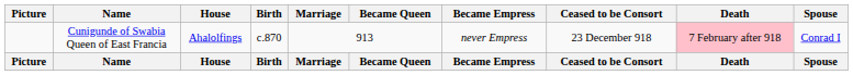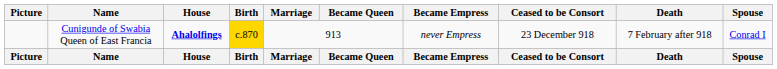 <table width=95% class="wikitable">
 <tr>
 <th>Picture</th>
 <th>Name</th>
 <th>House</th>
 <th>Birth</th>
 <th>Marriage</th>
 <th>Became Queen</th>
 <th>Became Empress</th>
 <th>Ceased to be Consort</th>
 <th>Death</th>
 <th>Spouse</th>
 </tr>
 <tr>
 <td align=center></td>
 <td align=center><a href='#'>Cunigunde of Swabia</a><br>Queen of East Francia</td>
-<td align="center"><a href='#'>Ahalolfings</a></td>
-<td align="center">c.870</td>
+<td align="center"><strong><a href='#'>Ahalolfings</a></strong></td>
+<td align="center" style="background: gold;">c.870</td>
 <td align="center" colspan="2">913</td>
 <td align="center"><em>never Empress</em></td>
 <td align="center">23 December 918</td>
-<td align="center" style="background: pink;">7 February after 918</td>
+<td align="center">7 February after 918</td>
 <td align="center"><a href='#'>Conrad I</a></td>
 </tr>
 <tr>
 <th>Picture</th>
 <th>Name</th>
 <th>House</th>
 <th>Birth</th>
 <th>Marriage</th>
 <th>Became Queen</th>
 <th>Became Empress</th>
 <th>Ceased to be Consort</th>
 <th>Death</th>
 <th>Spouse</th>
 </tr>
 </table>
